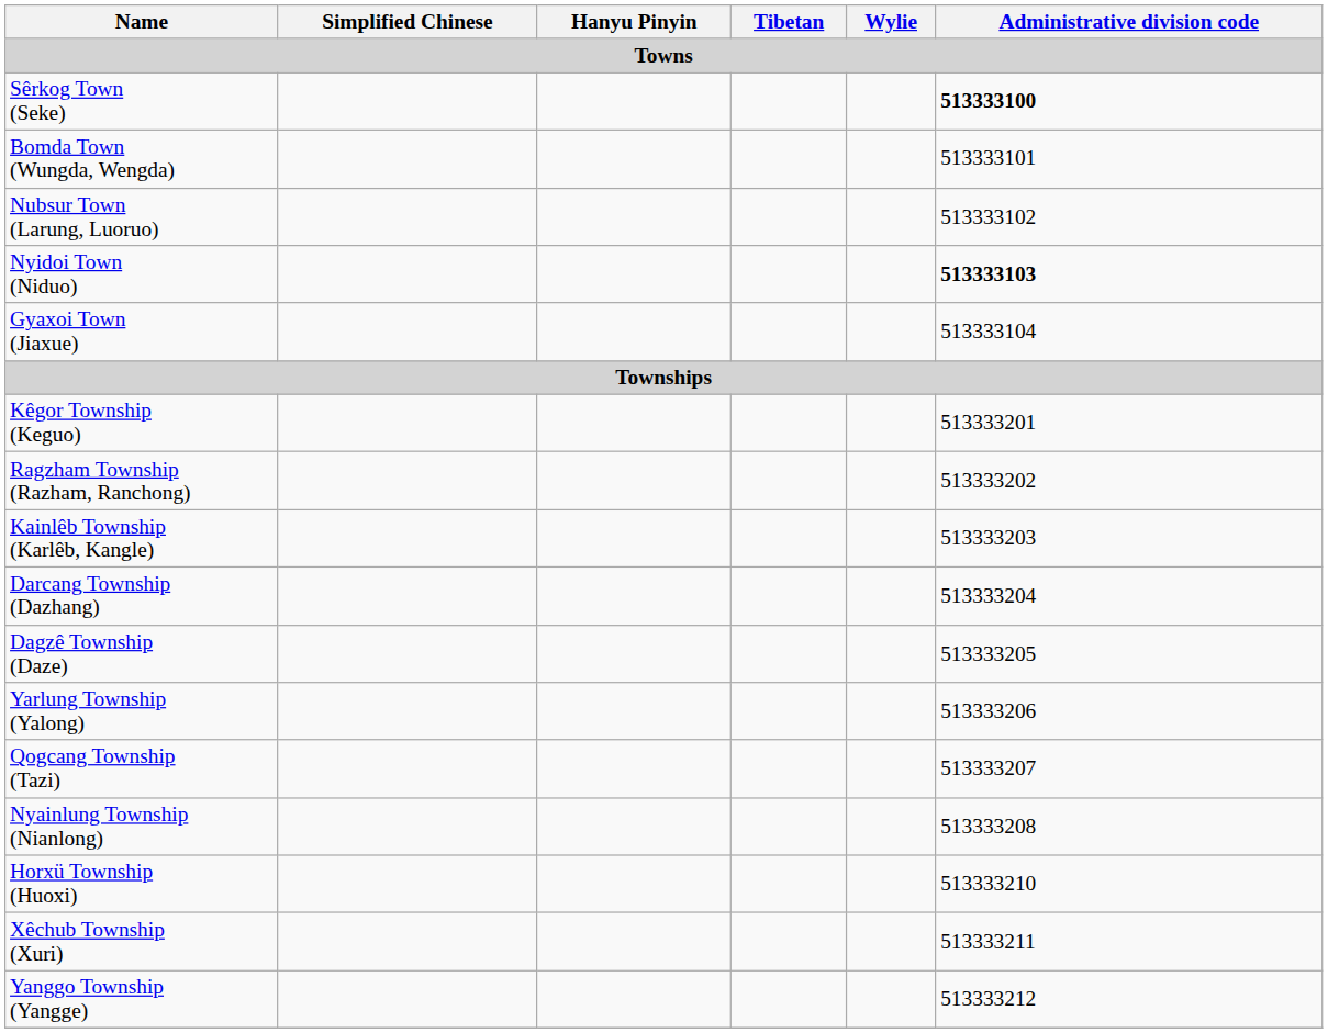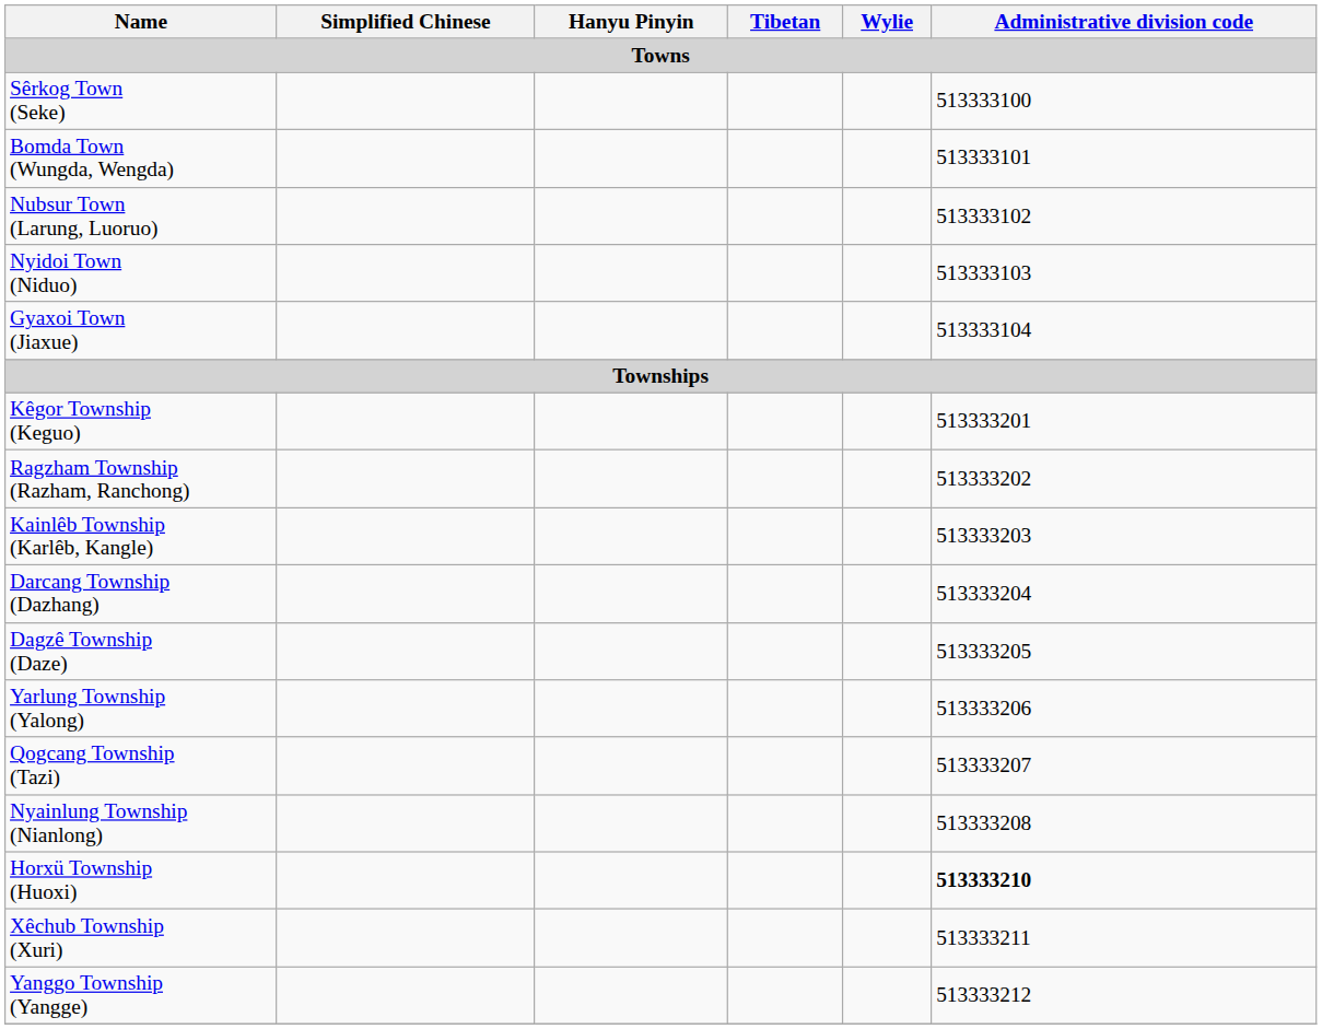 <table class="wikitable" align="center" style="width:50%; border="1">
 <tr>
 <th>Name</th>
 <th>Simplified Chinese</th>
 <th>Hanyu Pinyin</th>
 <th><a href='#'>Tibetan</a></th>
 <th><a href='#'>Wylie</a></th>
 <th><a href='#'>Administrative division code</a></th>
 </tr>
 <tr --------->
 <td colspan="7"  style="text-align:center; background:#d3d3d3;"><strong>Towns</strong></td>
 </tr>
 <tr --------->
 <td><a href='#'>Sêrkog Town</a><br>(Seke)</td>
 <td></td>
 <td></td>
 <td></td>
 <td></td>
-<td><strong>513333100</strong></td>
+<td>513333100</td>
 </tr>
 <tr>
 <td><a href='#'>Bomda Town</a><br>(Wungda, Wengda)</td>
 <td></td>
 <td></td>
 <td></td>
 <td></td>
 <td>513333101</td>
 </tr>
 <tr>
 <td><a href='#'>Nubsur Town</a><br>(Larung, Luoruo)</td>
 <td></td>
 <td></td>
 <td></td>
 <td></td>
 <td>513333102</td>
 </tr>
 <tr>
 <td><a href='#'>Nyidoi Town</a><br>(Niduo)</td>
 <td></td>
 <td></td>
 <td></td>
 <td></td>
-<td><strong>513333103</strong></td>
+<td>513333103</td>
 </tr>
 <tr>
 <td><a href='#'>Gyaxoi Town</a><br>(Jiaxue)</td>
 <td></td>
 <td></td>
 <td></td>
 <td></td>
 <td>513333104</td>
 </tr>
 <tr --------->
 <td colspan="7"  style="text-align:center; background:#d3d3d3;"><strong>Townships</strong></td>
 </tr>
 <tr --------->
 <td><a href='#'>Kêgor Township</a><br>(Keguo)</td>
 <td></td>
 <td></td>
 <td></td>
 <td></td>
 <td>513333201</td>
 </tr>
 <tr>
 <td><a href='#'>Ragzham Township</a><br>(Razham, Ranchong)</td>
 <td></td>
 <td></td>
 <td></td>
 <td></td>
 <td>513333202</td>
 </tr>
 <tr>
 <td><a href='#'>Kainlêb Township</a><br>(Karlêb, Kangle)</td>
 <td></td>
 <td></td>
 <td></td>
 <td></td>
 <td>513333203</td>
 </tr>
 <tr>
 <td><a href='#'>Darcang Township</a><br>(Dazhang)</td>
 <td></td>
 <td></td>
 <td></td>
 <td></td>
 <td>513333204</td>
 </tr>
 <tr>
 <td><a href='#'>Dagzê Township</a><br>(Daze)</td>
 <td></td>
 <td></td>
 <td></td>
 <td></td>
 <td>513333205</td>
 </tr>
 <tr>
 <td><a href='#'>Yarlung Township</a><br>(Yalong)</td>
 <td></td>
 <td></td>
 <td></td>
 <td></td>
 <td>513333206</td>
 </tr>
 <tr>
 <td><a href='#'>Qogcang Township</a><br>(Tazi)</td>
 <td></td>
 <td></td>
 <td></td>
 <td></td>
 <td>513333207</td>
 </tr>
 <tr>
 <td><a href='#'>Nyainlung Township</a><br>(Nianlong)</td>
 <td></td>
 <td></td>
 <td></td>
 <td></td>
 <td>513333208</td>
 </tr>
 <tr>
 <td><a href='#'>Horxü Township</a><br>(Huoxi)</td>
 <td></td>
 <td></td>
 <td></td>
 <td></td>
-<td>513333210</td>
+<td><strong>513333210</strong></td>
 </tr>
 <tr>
 <td><a href='#'>Xêchub Township</a><br>(Xuri)</td>
 <td></td>
 <td></td>
 <td></td>
 <td></td>
 <td>513333211</td>
 </tr>
 <tr>
 <td><a href='#'>Yanggo Township</a><br>(Yangge)</td>
 <td></td>
 <td></td>
 <td></td>
 <td></td>
 <td>513333212</td>
 </tr>
 <tr>
 </tr>
 </table>
